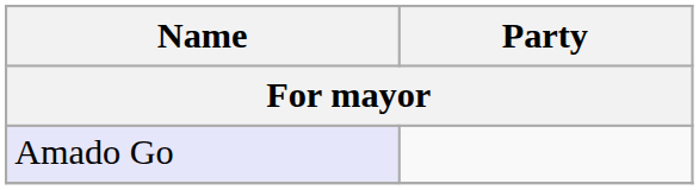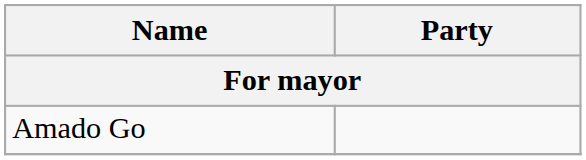 <table class=wikitable style="font-size:90%">
 <tr>
 <th width=150px>Name</th>
 <th colspan=2 width=110px>Party</th>
 </tr>
 <tr>
 <th colspan=3>For mayor</th>
 </tr>
 <tr>
-<td style="background: lavender;">Amado Go</td>
+<td>Amado Go</td>
 <td></td>
 </tr>
 <tr>
 </tr>
 </table>
